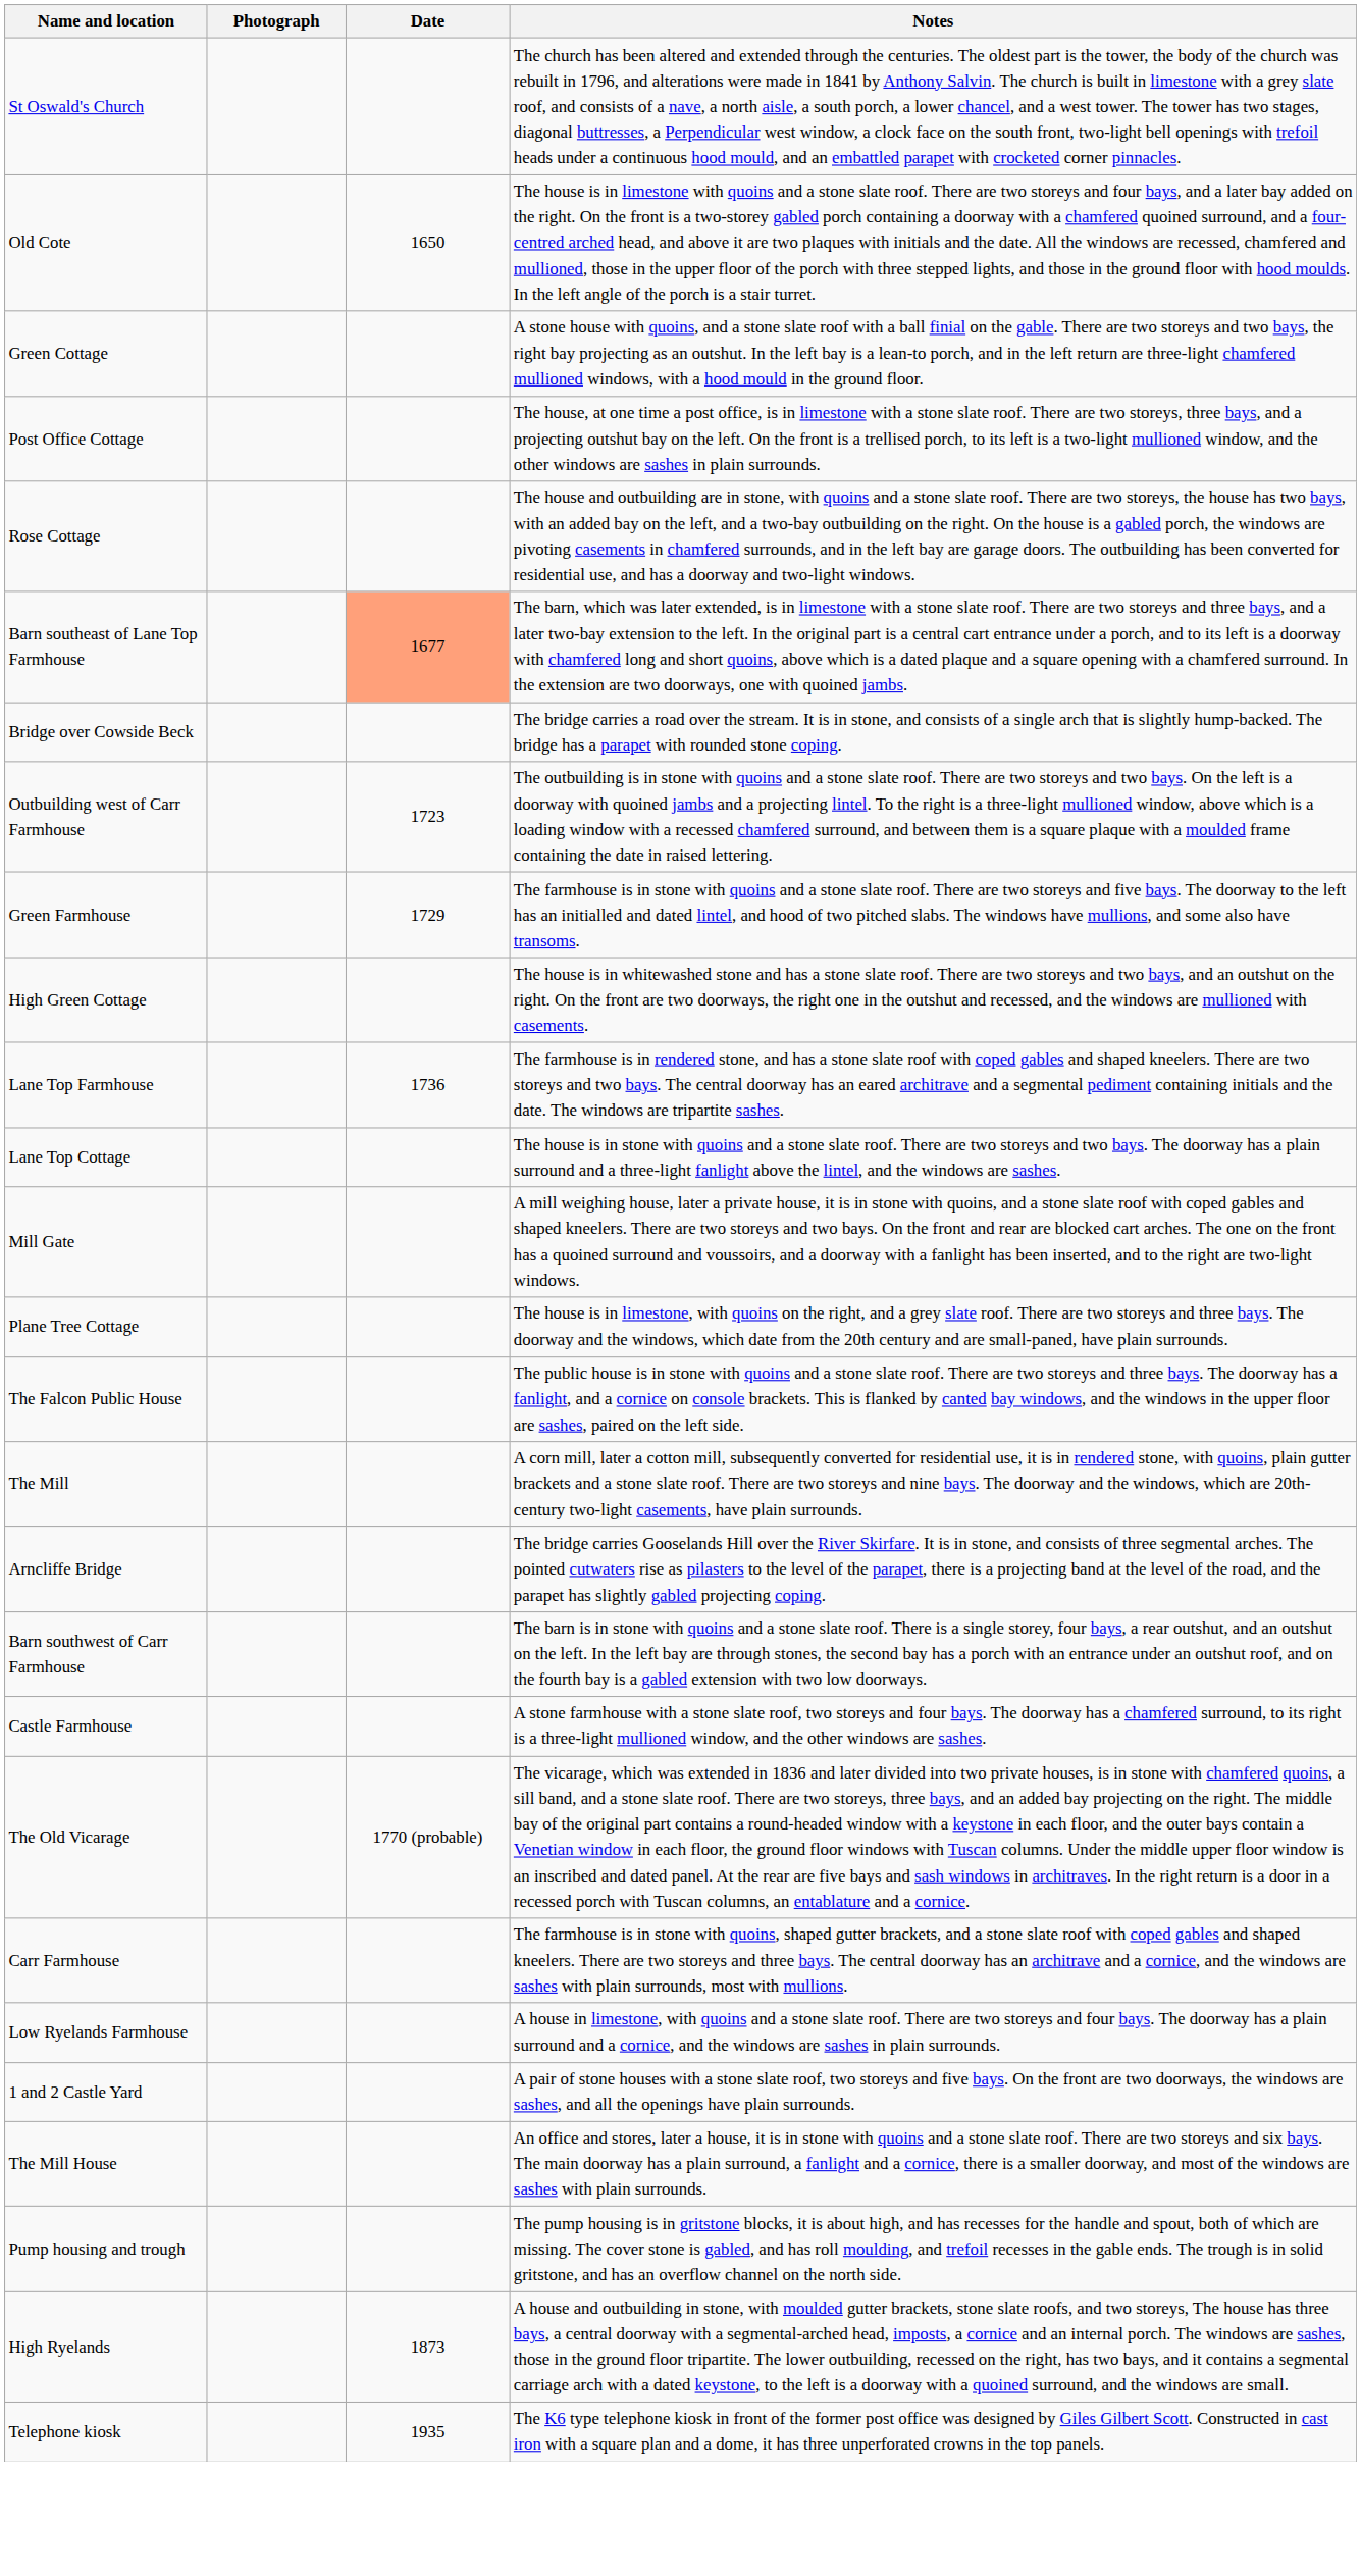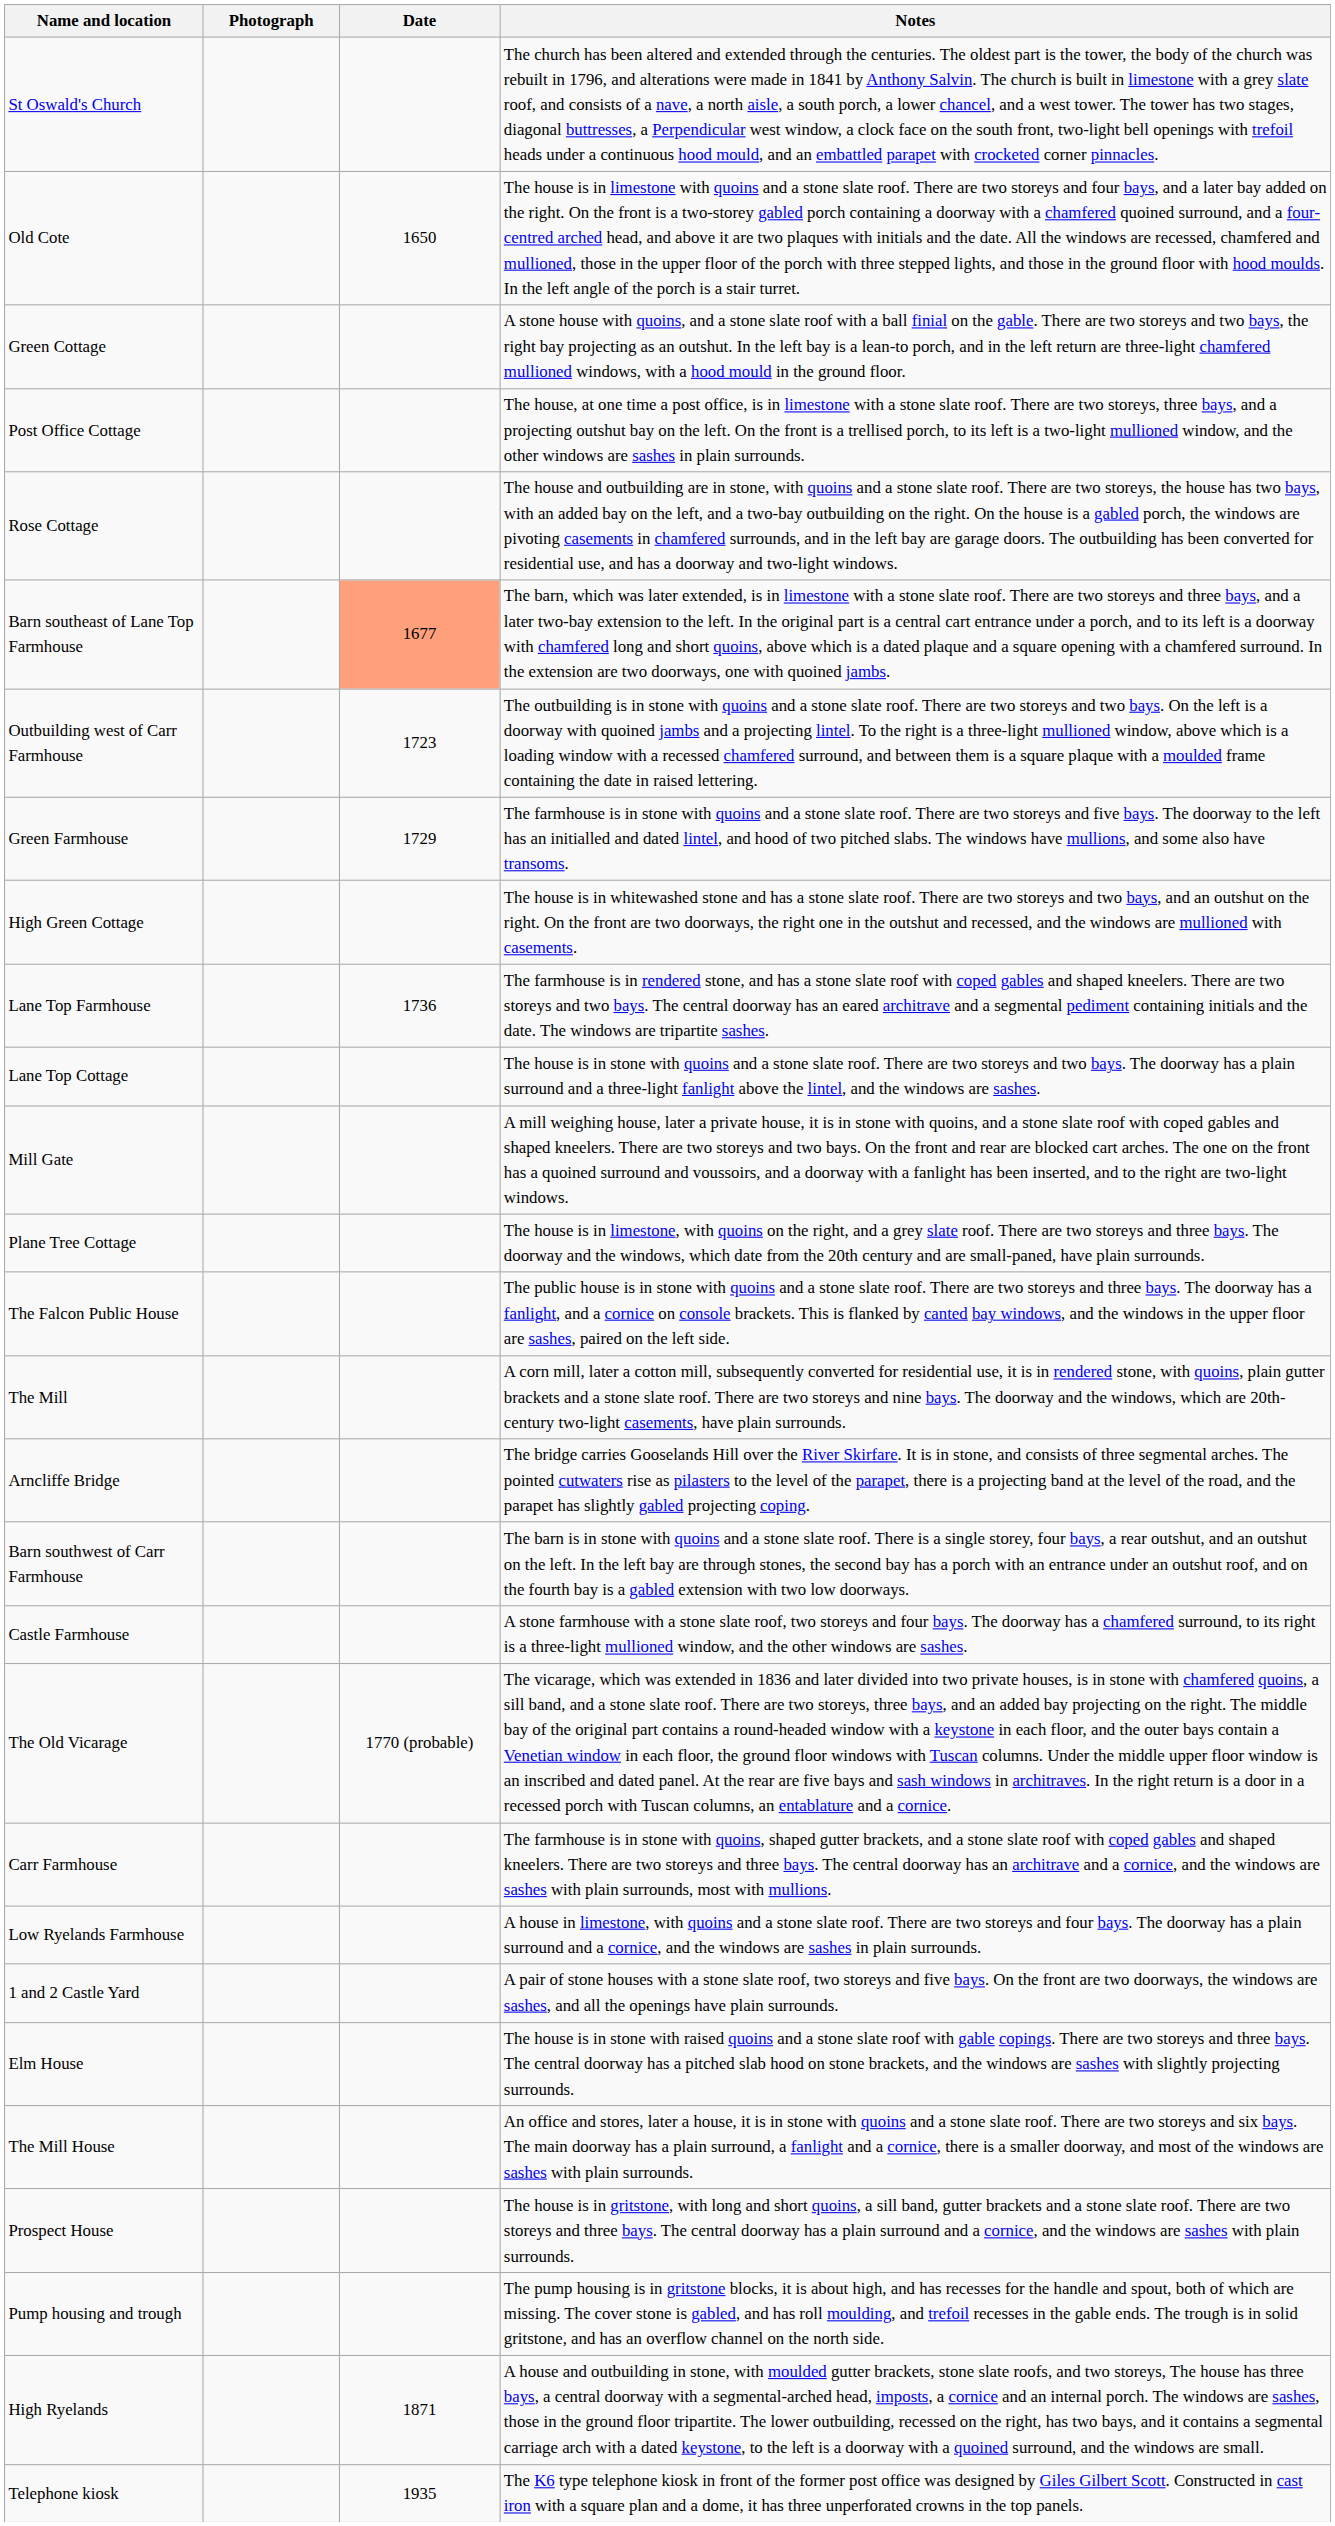 <table class="wikitable sortable plainrowheaders" style="width:100%;border:0px;text-align:left;line-height:150%;">
 <tr>
 <th scope="col"  style="width:150px">Name and location</th>
 <th scope="col"  style="width:100px" class="unsortable">Photograph</th>
 <th scope="col"  style="width:120px">Date</th>
 <th scope="col"  style="width:650px" class="unsortable">Notes</th>
 </tr>
 <tr>
 <td><a href='#'>St Oswald's Church</a><br><small></small></td>
 <td></td>
 <td align="center"></td>
 <td>The church has been altered and extended through the centuries.  The oldest part is the tower, the body of the church was rebuilt in 1796, and alterations were made in 1841 by <a href='#'>Anthony Salvin</a>.  The church is built in <a href='#'>limestone</a> with a grey <a href='#'>slate</a> roof, and consists of a <a href='#'>nave</a>, a north <a href='#'>aisle</a>, a south porch, a lower <a href='#'>chancel</a>, and a west tower.  The tower has two stages, diagonal <a href='#'>buttresses</a>, a <a href='#'>Perpendicular</a> west window, a clock face on the south front, two-light bell openings with <a href='#'>trefoil</a> heads under a continuous <a href='#'>hood mould</a>, and an <a href='#'>embattled</a> <a href='#'>parapet</a> with <a href='#'>crocketed</a> corner <a href='#'>pinnacles</a>.</td>
 </tr>
 <tr>
 <td>Old Cote<br><small></small></td>
 <td></td>
 <td align="center">1650</td>
 <td>The house is in <a href='#'>limestone</a> with <a href='#'>quoins</a> and a stone slate roof.  There are two storeys and four <a href='#'>bays</a>, and a later bay added on the right.  On the front is a two-storey <a href='#'>gabled</a> porch containing a doorway with a <a href='#'>chamfered</a> quoined surround, and a <a href='#'>four-centred arched</a> head, and above it are two plaques with initials and the date.  All the windows are recessed, chamfered and <a href='#'>mullioned</a>, those in the upper floor of the porch with three stepped lights, and those in the ground floor with <a href='#'>hood moulds</a>.  In the left angle of the porch is a stair turret.</td>
 </tr>
 <tr>
 <td>Green Cottage<br><small></small></td>
 <td></td>
 <td align="center"></td>
 <td>A stone house with <a href='#'>quoins</a>, and a stone slate roof with a ball <a href='#'>finial</a> on the <a href='#'>gable</a>.  There are two storeys and two <a href='#'>bays</a>, the right bay projecting as an outshut.  In the left bay is a lean-to porch, and in the left return are three-light <a href='#'>chamfered</a> <a href='#'>mullioned</a> windows, with a <a href='#'>hood mould</a> in the ground floor.</td>
 </tr>
 <tr>
 <td>Post Office Cottage<br><small></small></td>
 <td></td>
 <td align="center"></td>
 <td>The house, at one time a post office, is in <a href='#'>limestone</a> with a stone slate roof.  There are two storeys, three <a href='#'>bays</a>, and a projecting outshut bay on the left.  On the front is a trellised porch, to its left is a two-light <a href='#'>mullioned</a> window, and the other windows are <a href='#'>sashes</a> in plain surrounds.</td>
 </tr>
 <tr>
 <td>Rose Cottage<br><small></small></td>
 <td></td>
 <td align="center"></td>
 <td>The house and outbuilding are in stone, with <a href='#'>quoins</a> and a stone slate roof.  There are two storeys, the house has two <a href='#'>bays</a>, with an added bay on the left, and a two-bay outbuilding on the right.  On the house is a <a href='#'>gabled</a> porch, the windows are pivoting <a href='#'>casements</a> in <a href='#'>chamfered</a> surrounds, and in the left bay are garage doors.  The outbuilding has been converted for residential use, and has a doorway and two-light windows.</td>
 </tr>
 <tr>
 <td>Barn southeast of Lane Top Farmhouse<br><small></small></td>
 <td></td>
 <td align="center" style="background: lightsalmon;">1677</td>
 <td>The barn, which was later extended, is in <a href='#'>limestone</a> with a stone slate roof.  There are two storeys and three <a href='#'>bays</a>, and a later two-bay extension to the left.  In the original part is a central cart entrance under a porch, and to its left is a doorway with <a href='#'>chamfered</a> long and short <a href='#'>quoins</a>, above which is a dated plaque and a square opening with a chamfered surround.  In the extension are two doorways, one with quoined <a href='#'>jambs</a>.</td>
-</tr>
-<tr>
-<td>Bridge over Cowside Beck<br><small></small></td>
-<td></td>
-<td align="center"></td>
-<td>The bridge carries a road over the stream.  It is in stone, and consists of a single arch that is slightly hump-backed.  The bridge has a <a href='#'>parapet</a> with rounded stone <a href='#'>coping</a>.</td>
 </tr>
 <tr>
 <td>Outbuilding west of Carr Farmhouse<br><small></small></td>
 <td></td>
 <td align="center">1723</td>
 <td>The outbuilding is in stone with <a href='#'>quoins</a> and a stone slate roof.  There are two storeys and two <a href='#'>bays</a>.  On the left is a doorway with quoined <a href='#'>jambs</a> and a projecting <a href='#'>lintel</a>. To the right is a three-light <a href='#'>mullioned</a> window, above which is a loading window with a recessed <a href='#'>chamfered</a> surround, and between them is a square plaque with a <a href='#'>moulded</a> frame containing the date in raised lettering.</td>
 </tr>
 <tr>
 <td>Green Farmhouse<br><small></small></td>
 <td></td>
 <td align="center">1729</td>
 <td>The farmhouse is in stone with <a href='#'>quoins</a> and a stone slate roof.  There are two storeys and five <a href='#'>bays</a>.  The doorway to the left has an initialled and dated <a href='#'>lintel</a>, and hood of two pitched slabs.  The windows have <a href='#'>mullions</a>, and some also have <a href='#'>transoms</a>.</td>
 </tr>
 <tr>
 <td>High Green Cottage<br><small></small></td>
 <td></td>
 <td align="center"></td>
 <td>The house is in whitewashed stone and has a stone slate roof.  There are two storeys and two <a href='#'>bays</a>, and an outshut on the right.  On the front are two doorways, the right one in the outshut and recessed, and the windows are <a href='#'>mullioned</a> with <a href='#'>casements</a>.</td>
 </tr>
 <tr>
 <td>Lane Top Farmhouse<br><small></small></td>
 <td></td>
 <td align="center">1736</td>
 <td>The farmhouse is in <a href='#'>rendered</a> stone, and has a stone slate roof with <a href='#'>coped</a> <a href='#'>gables</a> and shaped kneelers.  There are two storeys and two <a href='#'>bays</a>. The central doorway has an eared <a href='#'>architrave</a> and a segmental <a href='#'>pediment</a> containing initials and the date.  The windows are tripartite <a href='#'>sashes</a>.</td>
 </tr>
 <tr>
 <td>Lane Top Cottage<br><small></small></td>
 <td></td>
 <td align="center"></td>
 <td>The house is in stone with <a href='#'>quoins</a> and a stone slate roof.  There are two storeys and two <a href='#'>bays</a>.  The doorway has a plain surround and a three-light <a href='#'>fanlight</a> above the <a href='#'>lintel</a>, and the windows are <a href='#'>sashes</a>.</td>
 </tr>
 <tr>
 <td>Mill Gate<br><small></small></td>
 <td></td>
 <td align="center"></td>
 <td>A mill weighing house, later a private house, it is in stone with quoins, and a stone slate roof with coped gables and shaped kneelers. There are two storeys and two bays. On the front and rear are blocked cart arches. The one on the front has a quoined surround and voussoirs, and a doorway with a fanlight has been inserted, and to the right are two-light windows.</td>
 </tr>
 <tr>
 <td>Plane Tree Cottage<br><small></small></td>
 <td></td>
 <td align="center"></td>
 <td>The house is in <a href='#'>limestone</a>, with <a href='#'>quoins</a> on the right, and a grey <a href='#'>slate</a> roof.  There are two storeys and three <a href='#'>bays</a>.  The doorway and the windows, which date from the 20th century and are small-paned, have plain surrounds.</td>
 </tr>
 <tr>
 <td>The Falcon Public House<br><small></small></td>
 <td></td>
 <td align="center"></td>
 <td>The public house is in stone with <a href='#'>quoins</a> and a stone slate roof.  There are two storeys and three <a href='#'>bays</a>.  The doorway has a <a href='#'>fanlight</a>, and a <a href='#'>cornice</a> on <a href='#'>console</a> brackets.  This is flanked by <a href='#'>canted</a> <a href='#'>bay windows</a>, and the windows in the upper floor are <a href='#'>sashes</a>, paired on the left side.</td>
 </tr>
 <tr>
 <td>The Mill<br><small></small></td>
 <td></td>
 <td align="center"></td>
 <td>A corn mill, later a cotton mill, subsequently converted for residential use, it is in <a href='#'>rendered</a> stone, with <a href='#'>quoins</a>, plain gutter brackets and a stone slate roof.  There are two storeys and nine <a href='#'>bays</a>.  The doorway and the windows, which are 20th-century two-light <a href='#'>casements</a>, have plain surrounds.</td>
 </tr>
 <tr>
 <td>Arncliffe Bridge<br><small></small></td>
 <td></td>
 <td align="center"></td>
 <td>The bridge carries Gooselands Hill over the <a href='#'>River Skirfare</a>.  It is in stone, and consists of three segmental arches.  The pointed <a href='#'>cutwaters</a> rise as <a href='#'>pilasters</a> to the level of the <a href='#'>parapet</a>, there is a projecting band at the level of the road, and the parapet has slightly <a href='#'>gabled</a> projecting <a href='#'>coping</a>.</td>
 </tr>
 <tr>
 <td>Barn southwest of Carr Farmhouse<br><small></small></td>
 <td></td>
 <td align="center"></td>
 <td>The barn is in stone with <a href='#'>quoins</a> and a stone slate roof.  There is a single storey, four <a href='#'>bays</a>, a rear outshut, and an outshut on the left.  In the left bay are through stones, the second bay has a porch with an entrance under an outshut roof, and on the fourth bay is a <a href='#'>gabled</a> extension with two low doorways.</td>
 </tr>
 <tr>
 <td>Castle Farmhouse<br><small></small></td>
 <td></td>
 <td align="center"></td>
 <td>A stone farmhouse with a stone slate roof, two storeys and four <a href='#'>bays</a>.  The doorway has a <a href='#'>chamfered</a> surround, to its right is a three-light <a href='#'>mullioned</a> window, and the other windows are <a href='#'>sashes</a>.</td>
 </tr>
 <tr>
 <td>The Old Vicarage<br><small></small></td>
 <td></td>
 <td align="center">1770 (probable)</td>
 <td>The vicarage, which was extended in 1836 and later divided into two private houses, is in stone with <a href='#'>chamfered</a> <a href='#'>quoins</a>, a sill band, and a stone slate roof.  There are two storeys, three <a href='#'>bays</a>, and an added bay projecting on the right.  The middle bay of the original part contains a round-headed window with a <a href='#'>keystone</a> in each floor, and the outer bays contain a <a href='#'>Venetian window</a> in each floor, the ground floor windows with <a href='#'>Tuscan</a> columns.  Under the middle upper floor window is an inscribed and dated panel.  At the rear are five bays and <a href='#'>sash windows</a> in <a href='#'>architraves</a>.  In the right return is a door in a recessed porch with Tuscan columns, an <a href='#'>entablature</a> and a <a href='#'>cornice</a>.</td>
 </tr>
 <tr>
 <td>Carr Farmhouse<br><small></small></td>
 <td></td>
 <td align="center"></td>
 <td>The farmhouse is in stone with <a href='#'>quoins</a>, shaped gutter brackets, and a stone slate roof with <a href='#'>coped</a> <a href='#'>gables</a> and shaped kneelers.  There are two storeys and three <a href='#'>bays</a>.  The central doorway has an <a href='#'>architrave</a> and a <a href='#'>cornice</a>, and the windows are <a href='#'>sashes</a> with plain surrounds, most with <a href='#'>mullions</a>.</td>
 </tr>
 <tr>
 <td>Low Ryelands Farmhouse<br><small></small></td>
 <td></td>
 <td align="center"></td>
 <td>A house in <a href='#'>limestone</a>, with <a href='#'>quoins</a> and a stone slate roof.  There are two storeys and four <a href='#'>bays</a>.  The doorway has a plain surround and a <a href='#'>cornice</a>, and the windows are <a href='#'>sashes</a> in plain surrounds.</td>
 </tr>
 <tr>
 <td>1 and 2 Castle Yard<br><small></small></td>
 <td></td>
 <td align="center"></td>
 <td>A pair of stone houses with a stone slate roof, two storeys and five <a href='#'>bays</a>.  On the front are two doorways, the windows are <a href='#'>sashes</a>, and all the openings have plain surrounds.</td>
 </tr>
 <tr>
+<td>Elm House<br><small></small></td>
+<td></td>
+<td align="center"></td>
+<td>The house is in stone with raised <a href='#'>quoins</a> and a stone slate roof with <a href='#'>gable</a> <a href='#'>copings</a>.  There are two storeys and three <a href='#'>bays</a>.  The central doorway has a pitched slab hood on stone brackets, and the windows are <a href='#'>sashes</a> with slightly projecting surrounds.</td>
+</tr>
+<tr>
 <td>The Mill House<br><small></small></td>
 <td></td>
 <td align="center"></td>
 <td>An office and stores, later a house, it is in stone with <a href='#'>quoins</a> and a stone slate roof.  There are two storeys and six <a href='#'>bays</a>.  The main doorway has a plain surround, a <a href='#'>fanlight</a> and a <a href='#'>cornice</a>, there is a smaller doorway, and most of the windows are <a href='#'>sashes</a> with plain surrounds.</td>
+</tr>
+<tr>
+<td>Prospect House<br><small></small></td>
+<td></td>
+<td align="center"></td>
+<td>The house is in <a href='#'>gritstone</a>, with long and short <a href='#'>quoins</a>, a sill band, gutter brackets and a stone slate roof.  There are two storeys and three <a href='#'>bays</a>.  The central doorway has a plain surround and a <a href='#'>cornice</a>, and the windows are <a href='#'>sashes</a> with plain surrounds.</td>
 </tr>
 <tr>
 <td>Pump housing and trough<br><small></small></td>
 <td></td>
 <td align="center"></td>
 <td>The pump housing is in <a href='#'>gritstone</a> blocks, it is about  high, and has recesses for the handle and spout, both of which are missing.  The cover stone is <a href='#'>gabled</a>, and has roll <a href='#'>moulding</a>, and <a href='#'>trefoil</a> recesses in the gable ends.  The trough is in solid gritstone, and has an overflow channel on the north side.</td>
 </tr>
 <tr>
 <td>High Ryelands<br><small></small></td>
 <td></td>
-<td align="center">1873</td>
+<td align="center">1871</td>
 <td>A house and outbuilding in stone, with <a href='#'>moulded</a> gutter brackets, stone slate roofs, and two storeys,  The house has three <a href='#'>bays</a>, a central doorway with a segmental-arched head, <a href='#'>imposts</a>, a <a href='#'>cornice</a> and an internal porch.  The windows are <a href='#'>sashes</a>, those in the ground floor tripartite.  The lower outbuilding, recessed on the right, has two bays, and it contains a segmental carriage arch with a dated <a href='#'>keystone</a>, to the left is a doorway with a <a href='#'>quoined</a> surround, and the windows are small.</td>
 </tr>
 <tr>
 <td>Telephone kiosk<br><small></small></td>
 <td></td>
 <td align="center">1935</td>
 <td>The <a href='#'>K6</a> type telephone kiosk in front of the former post office was designed by <a href='#'>Giles Gilbert Scott</a>.  Constructed in <a href='#'>cast iron</a> with a square plan and a dome, it has three unperforated crowns in the top panels.</td>
 </tr>
 <tr>
 </tr>
 </table>
